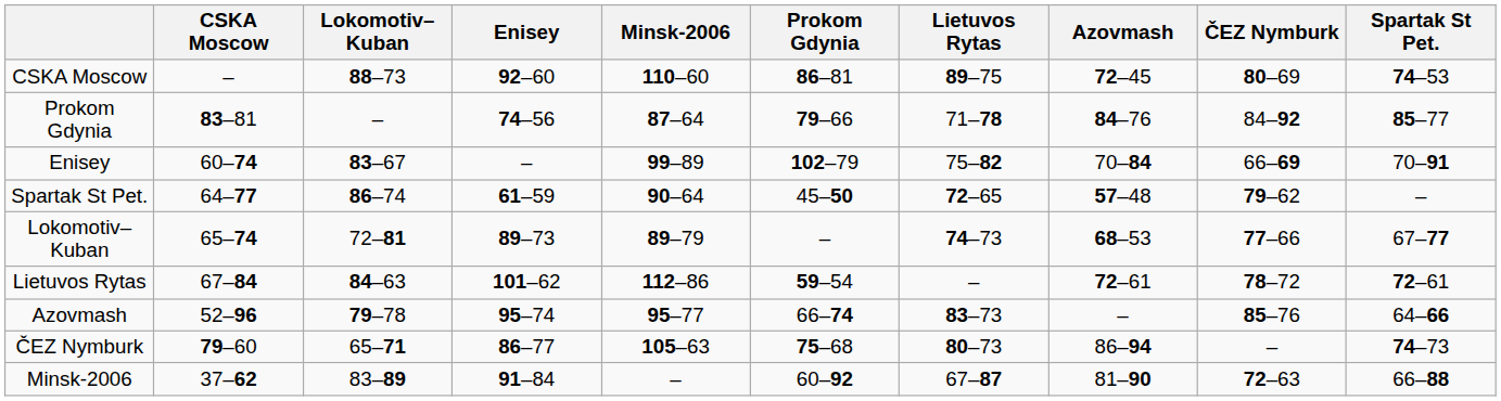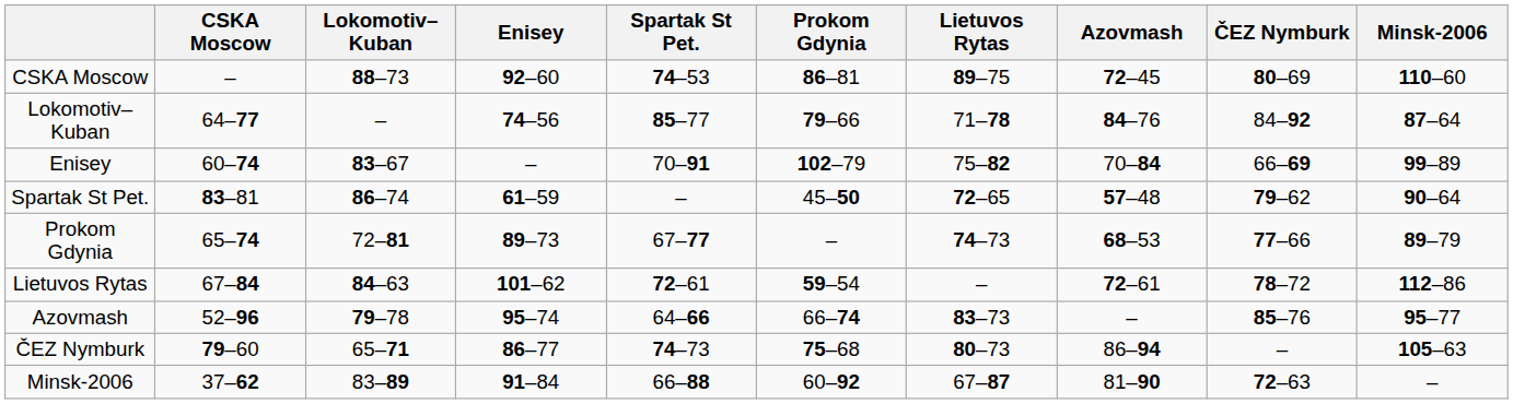 <table class="wikitable" style="text-align:center">
 <tr>
 <th width=110></th>
 <th width=110>CSKA Moscow</th>
 <th width=110>Lokomotiv–Kuban</th>
 <th width=110>Enisey</th>
-<th width=110>Minsk-2006</th>
+<th width=110>Spartak St Pet.</th>
 <th width=110>Prokom Gdynia</th>
 <th width=110>Lietuvos Rytas</th>
 <th width=110>Azovmash</th>
 <th width=110>ČEZ Nymburk</th>
-<th width=110>Spartak St Pet.</th>
+<th width=110>Minsk-2006</th>
 </tr>
 <tr>
 <td>CSKA Moscow</td>
 <td>–</td>
 <td><strong>88</strong>–73</td>
 <td><strong>92</strong>–60</td>
-<td><strong>110</strong>–60</td>
+<td><strong>74</strong>–53</td>
 <td><strong>86</strong>–81</td>
 <td><strong>89</strong>–75</td>
 <td><strong>72</strong>–45</td>
 <td><strong>80</strong>–69</td>
-<td><strong>74</strong>–53</td>
+<td><strong>110</strong>–60</td>
 </tr>
 <tr>
-<td>Prokom Gdynia</td>
-<td><strong>83</strong>–81</td>
+<td>Lokomotiv–Kuban</td>
+<td>64–<strong>77</strong></td>
 <td>–</td>
 <td><strong>74</strong>–56</td>
-<td><strong>87</strong>–64</td>
+<td><strong>85</strong>–77</td>
 <td><strong>79</strong>–66</td>
 <td>71–<strong>78</strong></td>
 <td><strong>84</strong>–76</td>
 <td>84–<strong>92</strong></td>
-<td><strong>85</strong>–77</td>
+<td><strong>87</strong>–64</td>
 </tr>
 <tr>
 <td>Enisey</td>
 <td>60–<strong>74</strong></td>
 <td><strong>83</strong>–67</td>
 <td>–</td>
-<td><strong>99</strong>–89</td>
+<td>70–<strong>91</strong></td>
 <td><strong>102</strong>–79</td>
 <td>75–<strong>82</strong></td>
 <td>70–<strong>84</strong></td>
 <td>66–<strong>69</strong></td>
-<td>70–<strong>91</strong></td>
+<td><strong>99</strong>–89</td>
 </tr>
 <tr>
 <td>Spartak St Pet.</td>
-<td>64–<strong>77</strong></td>
+<td><strong>83</strong>–81</td>
 <td><strong>86</strong>–74</td>
 <td><strong>61</strong>–59</td>
-<td><strong>90</strong>–64</td>
+<td>–</td>
 <td>45–<strong>50</strong></td>
 <td><strong>72</strong>–65</td>
 <td><strong>57</strong>–48</td>
 <td><strong>79</strong>–62</td>
-<td>–</td>
+<td><strong>90</strong>–64</td>
 </tr>
 <tr>
-<td>Lokomotiv–Kuban</td>
+<td>Prokom Gdynia</td>
 <td>65–<strong>74</strong></td>
 <td>72–<strong>81</strong></td>
 <td><strong>89</strong>–73</td>
-<td><strong>89</strong>–79</td>
+<td>67–<strong>77</strong></td>
 <td>–</td>
 <td><strong>74</strong>–73</td>
 <td><strong>68</strong>–53</td>
 <td><strong>77</strong>–66</td>
-<td>67–<strong>77</strong></td>
+<td><strong>89</strong>–79</td>
 </tr>
 <tr>
 <td>Lietuvos Rytas</td>
 <td>67–<strong>84</strong></td>
 <td><strong>84</strong>–63</td>
 <td><strong>101</strong>–62</td>
-<td><strong>112</strong>–86</td>
+<td><strong>72</strong>–61</td>
 <td><strong>59</strong>–54</td>
 <td>–</td>
 <td><strong>72</strong>–61</td>
 <td><strong>78</strong>–72</td>
-<td><strong>72</strong>–61</td>
+<td><strong>112</strong>–86</td>
 </tr>
 <tr>
 <td>Azovmash</td>
 <td>52–<strong>96</strong></td>
 <td><strong>79</strong>–78</td>
 <td><strong>95</strong>–74</td>
-<td><strong>95</strong>–77</td>
+<td>64–<strong>66</strong></td>
 <td>66–<strong>74</strong></td>
 <td><strong>83</strong>–73</td>
 <td>–</td>
 <td><strong>85</strong>–76</td>
-<td>64–<strong>66</strong></td>
+<td><strong>95</strong>–77</td>
 </tr>
 <tr>
 <td>ČEZ Nymburk</td>
 <td><strong>79</strong>–60</td>
 <td>65–<strong>71</strong></td>
 <td><strong>86</strong>–77</td>
-<td><strong>105</strong>–63</td>
+<td><strong>74</strong>–73</td>
 <td><strong>75</strong>–68</td>
 <td><strong>80</strong>–73</td>
 <td>86–<strong>94</strong></td>
 <td>–</td>
-<td><strong>74</strong>–73</td>
+<td><strong>105</strong>–63</td>
 </tr>
 <tr>
 <td>Minsk-2006</td>
 <td>37–<strong>62</strong></td>
 <td>83–<strong>89</strong></td>
 <td><strong>91</strong>–84</td>
-<td>–</td>
+<td>66–<strong>88</strong></td>
 <td>60–<strong>92</strong></td>
 <td>67–<strong>87</strong></td>
 <td>81–<strong>90</strong></td>
 <td><strong>72</strong>–63</td>
-<td>66–<strong>88</strong></td>
+<td>–</td>
 </tr>
 </table>
